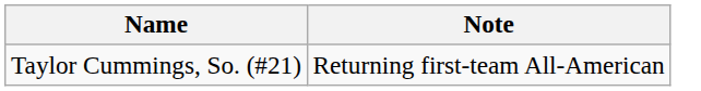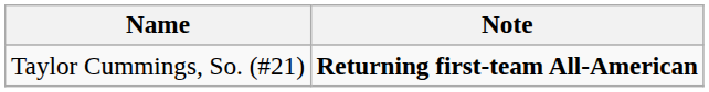 <table class="wikitable">
 <tr ;>
 <th>Name</th>
 <th>Note</th>
 </tr>
 <tr>
 <td>Taylor Cummings, So. (#21)</td>
-<td>Returning first-team All-American</td>
+<td><strong>Returning first-team All-American</strong></td>
 </tr>
 </table>
